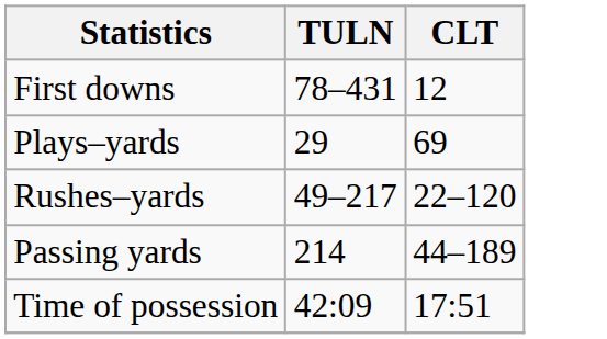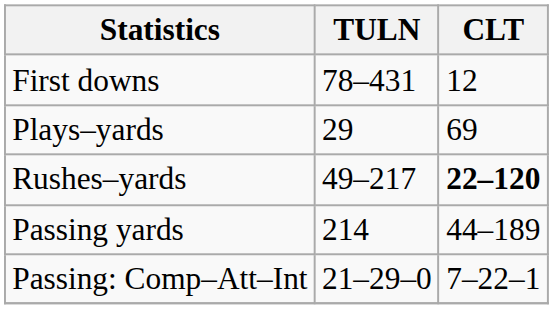 <table class="wikitable" style="float: left;">
 <tr>
 <th>Statistics</th>
 <th>TULN</th>
 <th>CLT</th>
 </tr>
 <tr>
 <td>First downs</td>
 <td>78–431</td>
 <td>12</td>
 </tr>
 <tr>
 <td>Plays–yards</td>
 <td>29</td>
 <td>69</td>
 </tr>
 <tr>
 <td>Rushes–yards</td>
 <td>49–217</td>
-<td>22–120</td>
+<td><strong>22–120</strong></td>
 </tr>
 <tr>
 <td>Passing yards</td>
 <td>214</td>
 <td>44–189</td>
 </tr>
 <tr>
-<td>Time of possession</td>
-<td>42:09</td>
-<td>17:51</td>
+<td>Passing: Comp–Att–Int</td>
+<td>21–29–0</td>
+<td>7–22–1</td>
 </tr>
 <tr>
 </tr>
 </table>
